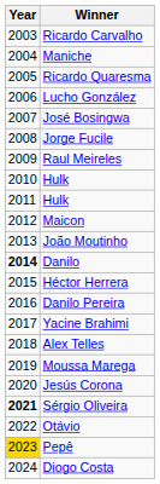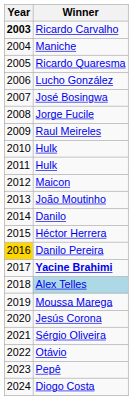 <table class="wikitable">
 <tr>
 <th>Year</th>
 <th>Winner</th>
 </tr>
 <tr>
-<td>2003</td>
+<td><strong>2003</strong></td>
 <td> <a href='#'>Ricardo Carvalho</a></td>
 </tr>
 <tr>
 <td>2004</td>
 <td> <a href='#'>Maniche</a></td>
 </tr>
 <tr>
 <td>2005</td>
 <td> <a href='#'>Ricardo Quaresma</a></td>
 </tr>
 <tr>
 <td>2006</td>
 <td> <a href='#'>Lucho González</a></td>
 </tr>
 <tr>
 <td>2007</td>
 <td> <a href='#'>José Bosingwa</a></td>
 </tr>
 <tr>
 <td>2008</td>
 <td> <a href='#'>Jorge Fucile</a></td>
 </tr>
 <tr>
 <td>2009</td>
 <td> <a href='#'>Raul Meireles</a></td>
 </tr>
 <tr>
 <td>2010</td>
 <td> <a href='#'>Hulk</a></td>
 </tr>
 <tr>
 <td>2011</td>
 <td> <a href='#'>Hulk</a></td>
 </tr>
 <tr>
 <td>2012</td>
 <td> <a href='#'>Maicon</a></td>
 </tr>
 <tr>
 <td>2013</td>
 <td> <a href='#'>João Moutinho</a></td>
 </tr>
 <tr>
-<td><strong>2014</strong></td>
+<td>2014</td>
 <td> <a href='#'>Danilo</a></td>
 </tr>
 <tr>
 <td>2015</td>
 <td> <a href='#'>Héctor Herrera</a></td>
 </tr>
 <tr>
-<td>2016</td>
+<td style="background: gold;">2016</td>
 <td> <a href='#'>Danilo Pereira</a></td>
 </tr>
 <tr>
 <td>2017</td>
-<td> <a href='#'>Yacine Brahimi</a></td>
+<td><strong> <a href='#'>Yacine Brahimi</a></strong></td>
 </tr>
 <tr>
 <td>2018</td>
-<td> <a href='#'>Alex Telles</a></td>
+<td style="background: lightblue;"> <a href='#'>Alex Telles</a></td>
 </tr>
 <tr>
 <td>2019</td>
 <td> <a href='#'>Moussa Marega</a></td>
 </tr>
 <tr>
 <td>2020</td>
 <td> <a href='#'>Jesús Corona</a></td>
 </tr>
 <tr>
-<td><strong>2021</strong></td>
+<td>2021</td>
 <td> <a href='#'>Sérgio Oliveira</a></td>
 </tr>
 <tr>
 <td>2022</td>
 <td> <a href='#'>Otávio</a></td>
 </tr>
 <tr>
-<td style="background: gold;">2023</td>
+<td>2023</td>
 <td> <a href='#'>Pepê</a></td>
 </tr>
 <tr>
 <td>2024</td>
 <td> <a href='#'>Diogo Costa</a></td>
 </tr>
 </table>
